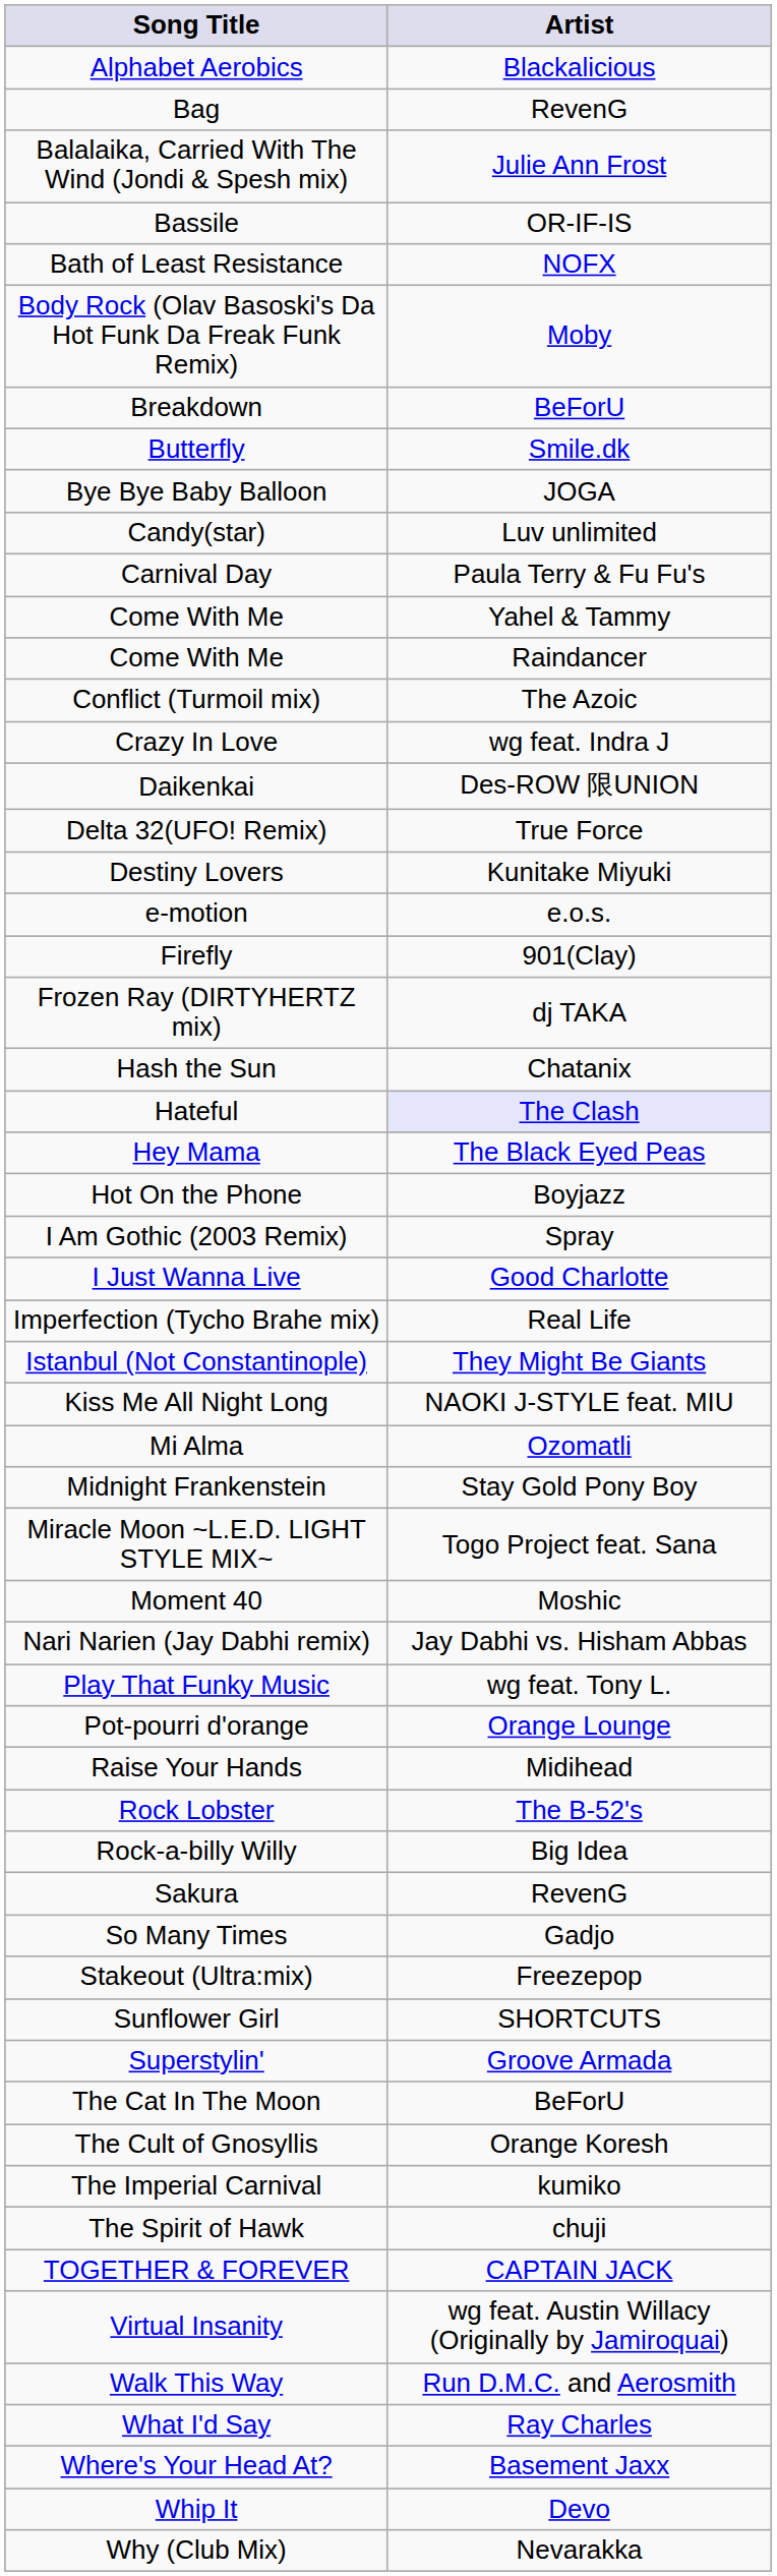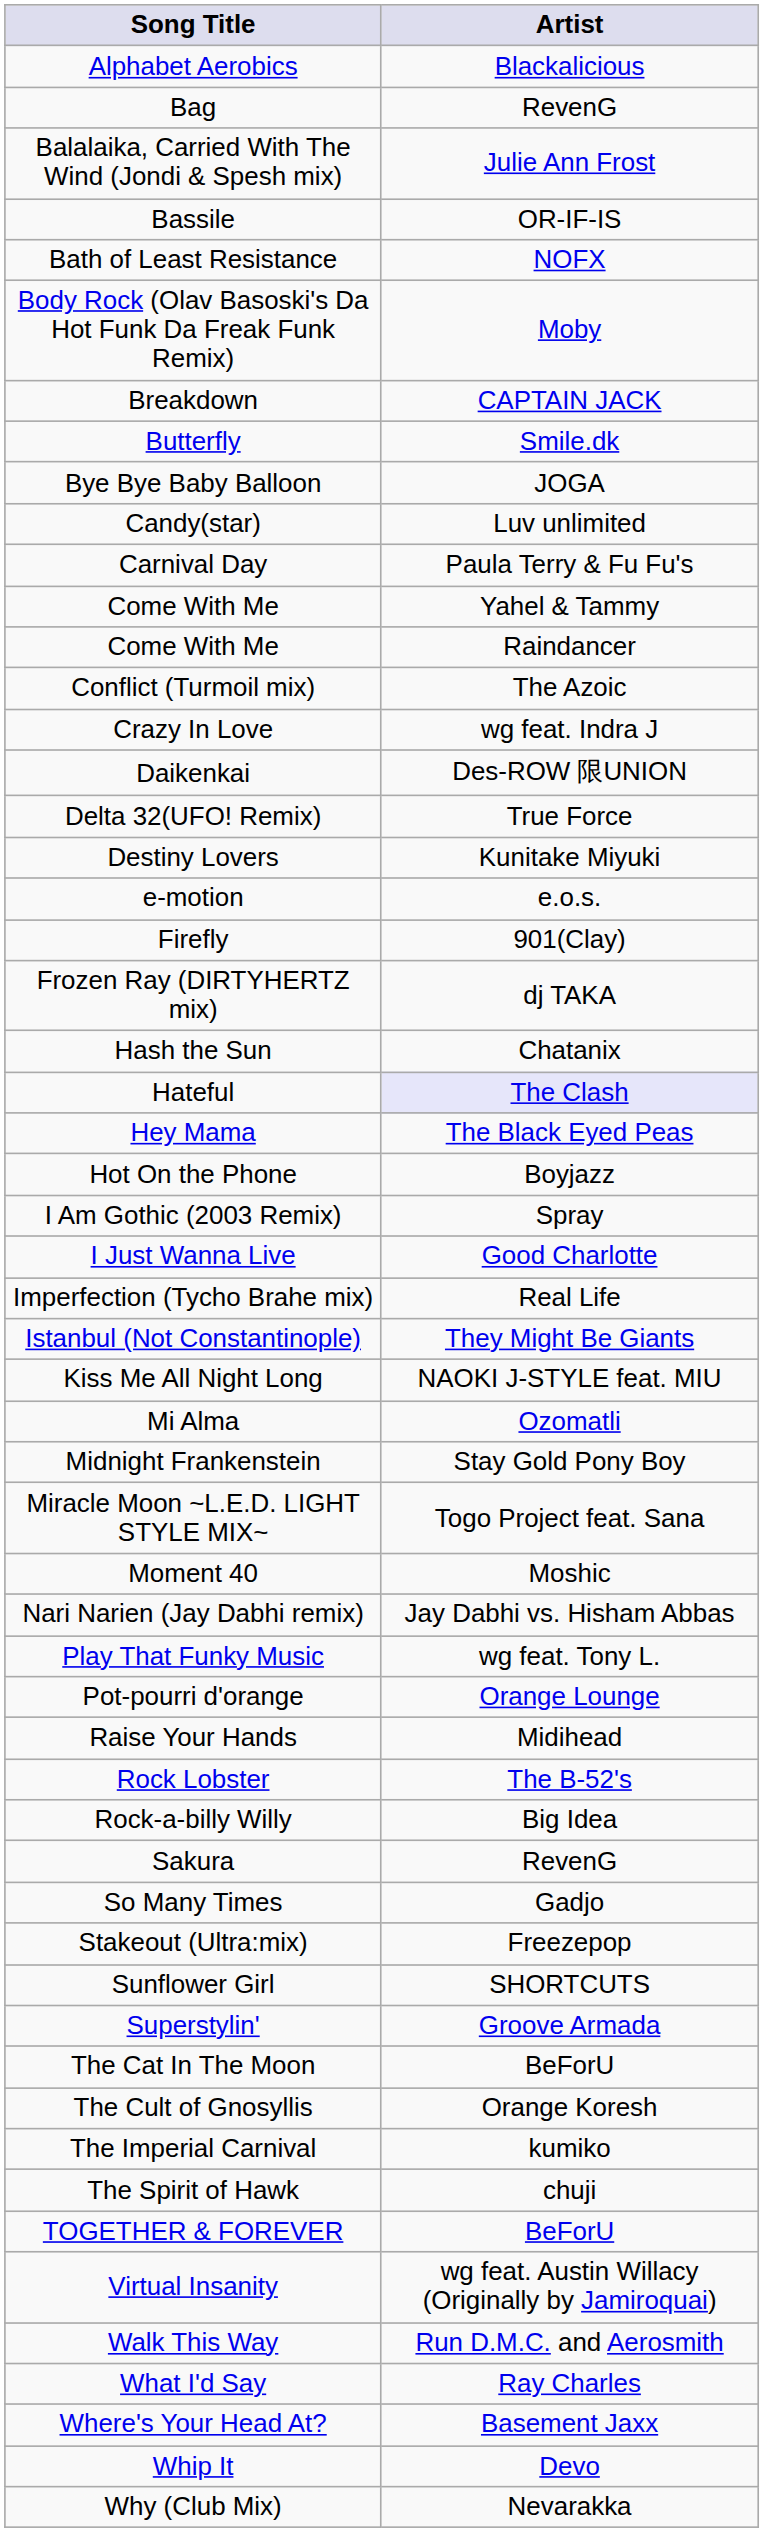 <table class="wikitable sortable" style="text-align:center; margin: 5px;">
 <tr>
 <th style="background:#ddddee;" width=225>Song Title</th>
 <th style="background:#ddddee;" width=225>Artist</th>
 </tr>
 <tr>
 <td><a href='#'>Alphabet Aerobics</a></td>
 <td><a href='#'>Blackalicious</a></td>
 </tr>
 <tr>
 <td>Bag</td>
 <td>RevenG</td>
 </tr>
 <tr>
 <td>Balalaika, Carried With The Wind (Jondi & Spesh mix)</td>
 <td><a href='#'>Julie Ann Frost</a></td>
 </tr>
 <tr>
 <td>Bassile</td>
 <td>OR-IF-IS</td>
 </tr>
 <tr>
 <td>Bath of Least Resistance</td>
 <td><a href='#'>NOFX</a></td>
 </tr>
 <tr>
 <td><a href='#'>Body Rock</a> (Olav Basoski's Da Hot Funk Da Freak Funk Remix)</td>
 <td><a href='#'>Moby</a></td>
 </tr>
 <tr>
 <td>Breakdown</td>
-<td><a href='#'>BeForU</a></td>
+<td><a href='#'>CAPTAIN JACK</a></td>
 </tr>
 <tr>
 <td><a href='#'>Butterfly</a></td>
 <td><a href='#'>Smile.dk</a></td>
 </tr>
 <tr>
 <td>Bye Bye Baby Balloon</td>
 <td>JOGA</td>
 </tr>
 <tr>
 <td>Candy(star)</td>
 <td>Luv unlimited</td>
 </tr>
 <tr>
 <td>Carnival Day</td>
 <td>Paula Terry & Fu Fu's</td>
 </tr>
 <tr>
 <td>Come With Me</td>
 <td>Yahel & Tammy</td>
 </tr>
 <tr>
 <td>Come With Me</td>
 <td>Raindancer</td>
 </tr>
 <tr>
 <td>Conflict (Turmoil mix)</td>
 <td>The Azoic</td>
 </tr>
 <tr>
 <td>Crazy In Love</td>
 <td>wg feat. Indra J</td>
 </tr>
 <tr>
 <td>Daikenkai</td>
 <td>Des-ROW 限UNION</td>
 </tr>
 <tr>
 <td>Delta 32(UFO! Remix)</td>
 <td>True Force</td>
 </tr>
 <tr>
 <td>Destiny Lovers</td>
 <td>Kunitake Miyuki</td>
 </tr>
 <tr>
 <td>e-motion</td>
 <td>e.o.s.</td>
 </tr>
 <tr>
 <td>Firefly</td>
 <td>901(Clay)</td>
 </tr>
 <tr>
 <td>Frozen Ray (DIRTYHERTZ mix)</td>
 <td>dj TAKA</td>
 </tr>
 <tr>
 <td>Hash the Sun</td>
 <td>Chatanix</td>
 </tr>
 <tr>
 <td>Hateful</td>
 <td style="background: lavender;"><a href='#'>The Clash</a></td>
 </tr>
 <tr>
 <td><a href='#'>Hey Mama</a></td>
 <td><a href='#'>The Black Eyed Peas</a></td>
 </tr>
 <tr>
 <td>Hot On the Phone</td>
 <td>Boyjazz</td>
 </tr>
 <tr>
 <td>I Am Gothic (2003 Remix)</td>
 <td>Spray</td>
 </tr>
 <tr>
 <td><a href='#'>I Just Wanna Live</a></td>
 <td><a href='#'>Good Charlotte</a></td>
 </tr>
 <tr>
 <td>Imperfection (Tycho Brahe mix)</td>
 <td>Real Life</td>
 </tr>
 <tr>
 <td><a href='#'>Istanbul (Not Constantinople)</a></td>
 <td><a href='#'>They Might Be Giants</a></td>
 </tr>
 <tr>
 <td>Kiss Me All Night Long</td>
 <td>NAOKI J-STYLE feat. MIU</td>
 </tr>
 <tr>
 <td>Mi Alma</td>
 <td><a href='#'>Ozomatli</a></td>
 </tr>
 <tr>
 <td>Midnight Frankenstein</td>
 <td>Stay Gold Pony Boy</td>
 </tr>
 <tr>
 <td>Miracle Moon ~L.E.D. LIGHT STYLE MIX~</td>
 <td>Togo Project feat. Sana</td>
 </tr>
 <tr>
 <td>Moment 40</td>
 <td>Moshic</td>
 </tr>
 <tr>
 <td>Nari Narien (Jay Dabhi remix)</td>
 <td>Jay Dabhi vs. Hisham Abbas</td>
 </tr>
 <tr>
 <td><a href='#'>Play That Funky Music</a></td>
 <td>wg feat. Tony L.</td>
 </tr>
 <tr>
 <td>Pot-pourri d'orange</td>
 <td><a href='#'>Orange Lounge</a></td>
 </tr>
 <tr>
 <td>Raise Your Hands</td>
 <td>Midihead</td>
 </tr>
 <tr>
 <td><a href='#'>Rock Lobster</a></td>
 <td><a href='#'>The B-52's</a></td>
 </tr>
 <tr>
 <td>Rock-a-billy Willy</td>
 <td>Big Idea</td>
 </tr>
 <tr>
 <td>Sakura</td>
 <td>RevenG</td>
 </tr>
 <tr>
 <td>So Many Times</td>
 <td>Gadjo</td>
 </tr>
 <tr>
 <td>Stakeout (Ultra:mix)</td>
 <td>Freezepop</td>
 </tr>
 <tr>
 <td>Sunflower Girl</td>
 <td>SHORTCUTS</td>
 </tr>
 <tr>
 <td><a href='#'>Superstylin'</a></td>
 <td><a href='#'>Groove Armada</a></td>
 </tr>
 <tr>
 <td>The Cat In The Moon</td>
 <td>BeForU</td>
 </tr>
 <tr>
 <td>The Cult of Gnosyllis</td>
 <td>Orange Koresh</td>
 </tr>
 <tr>
 <td>The Imperial Carnival</td>
 <td>kumiko</td>
 </tr>
 <tr>
 <td>The Spirit of Hawk</td>
 <td>chuji</td>
 </tr>
 <tr>
 <td><a href='#'>TOGETHER & FOREVER</a></td>
-<td><a href='#'>CAPTAIN JACK</a></td>
+<td><a href='#'>BeForU</a></td>
 </tr>
 <tr>
 <td><a href='#'>Virtual Insanity</a></td>
 <td>wg feat. Austin Willacy (Originally by <a href='#'>Jamiroquai</a>)</td>
 </tr>
 <tr>
 <td><a href='#'>Walk This Way</a></td>
 <td><a href='#'>Run D.M.C.</a> and <a href='#'>Aerosmith</a></td>
 </tr>
 <tr>
 <td><a href='#'>What I'd Say</a></td>
 <td><a href='#'>Ray Charles</a></td>
 </tr>
 <tr>
 <td><a href='#'>Where's Your Head At?</a></td>
 <td><a href='#'>Basement Jaxx</a></td>
 </tr>
 <tr>
 <td><a href='#'>Whip It</a></td>
 <td><a href='#'>Devo</a></td>
 </tr>
 <tr>
 <td>Why (Club Mix)</td>
 <td>Nevarakka</td>
 </tr>
 </table>
